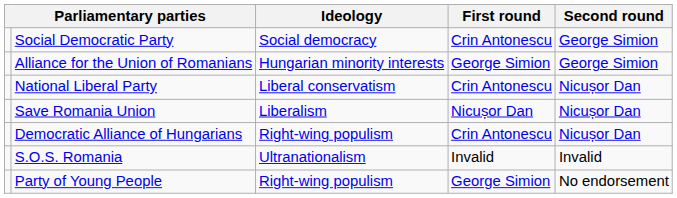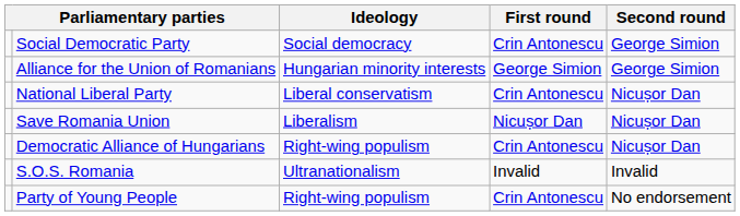 <table class="wikitable sortable">
 <tr>
 <th colspan="2">Parliamentary parties</th>
 <th>Ideology</th>
 <th>First round</th>
 <th>Second round</th>
 </tr>
 <tr>
 <td style="background-color: "></td>
 <td><a href='#'>Social Democratic Party</a></td>
 <td><a href='#'>Social democracy</a></td>
 <td><a href='#'>Crin Antonescu</a></td>
 <td><a href='#'>George Simion</a></td>
 </tr>
 <tr>
 <td style="background-color: "></td>
 <td><a href='#'>Alliance for the Union of Romanians</a></td>
 <td><a href='#'>Hungarian minority interests</a></td>
 <td><a href='#'>George Simion</a></td>
 <td><a href='#'>George Simion</a></td>
 </tr>
 <tr>
 <td style="background-color: "></td>
 <td><a href='#'>National Liberal Party</a></td>
 <td><a href='#'>Liberal conservatism</a></td>
 <td><a href='#'>Crin Antonescu</a></td>
 <td><a href='#'>Nicușor Dan</a></td>
 </tr>
 <tr>
 <td style="background-color: "></td>
 <td><a href='#'>Save Romania Union</a></td>
 <td><a href='#'>Liberalism</a></td>
 <td><a href='#'>Nicușor Dan</a></td>
 <td><a href='#'>Nicușor Dan</a></td>
 </tr>
 <tr>
 <td style="background-color: "></td>
 <td><a href='#'>Democratic Alliance of Hungarians</a></td>
 <td><a href='#'>Right-wing populism</a></td>
 <td><a href='#'>Crin Antonescu</a></td>
 <td><a href='#'>Nicușor Dan</a></td>
 </tr>
 <tr>
 <td style="background-color: "></td>
 <td><a href='#'>S.O.S. Romania</a></td>
 <td><a href='#'>Ultranationalism</a></td>
 <td>Invalid</td>
 <td>Invalid</td>
 </tr>
 <tr>
 <td></td>
 <td><a href='#'>Party of Young People</a></td>
 <td><a href='#'>Right-wing populism</a></td>
-<td><a href='#'>George Simion</a></td>
+<td><a href='#'>Crin Antonescu</a></td>
 <td>No endorsement</td>
 </tr>
 </table>
